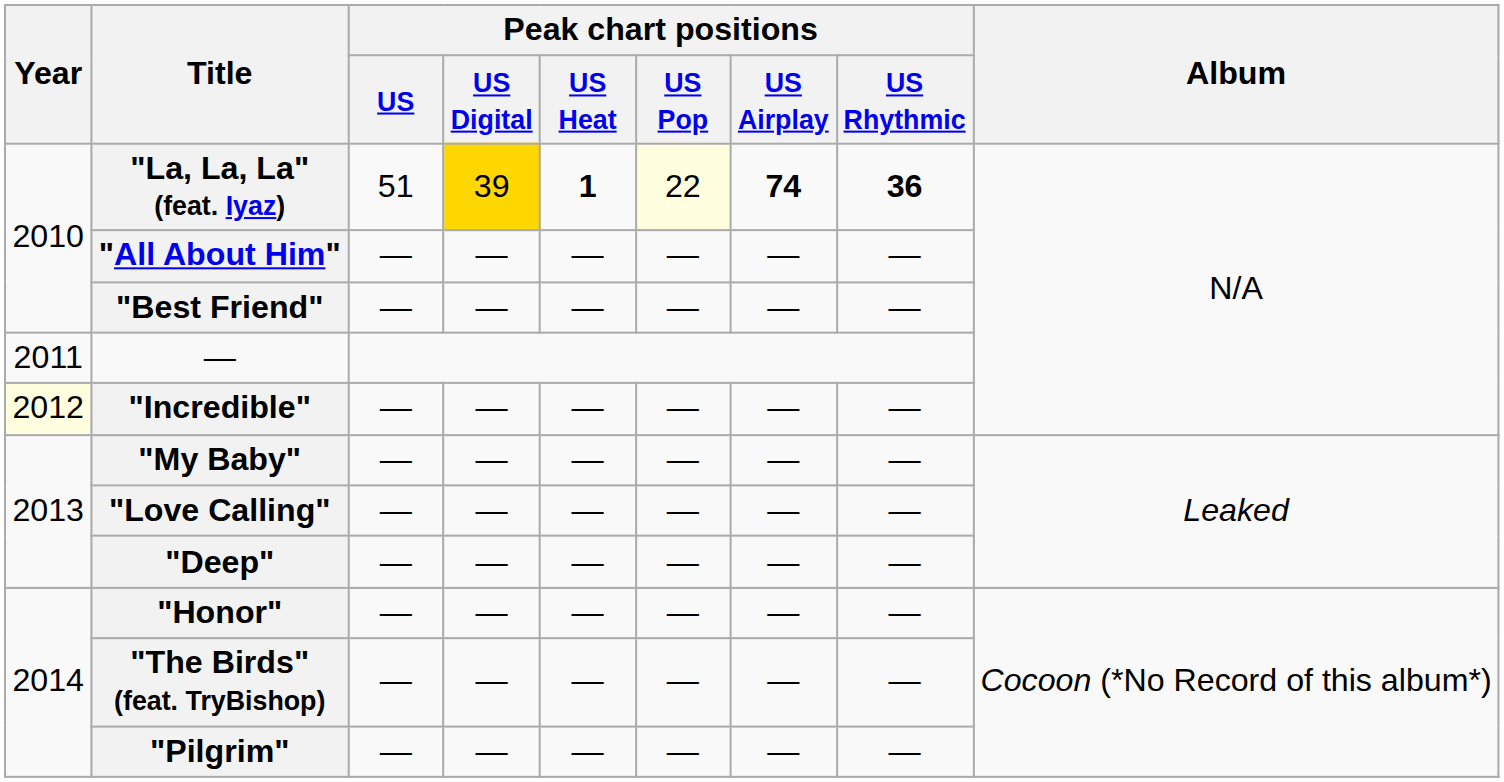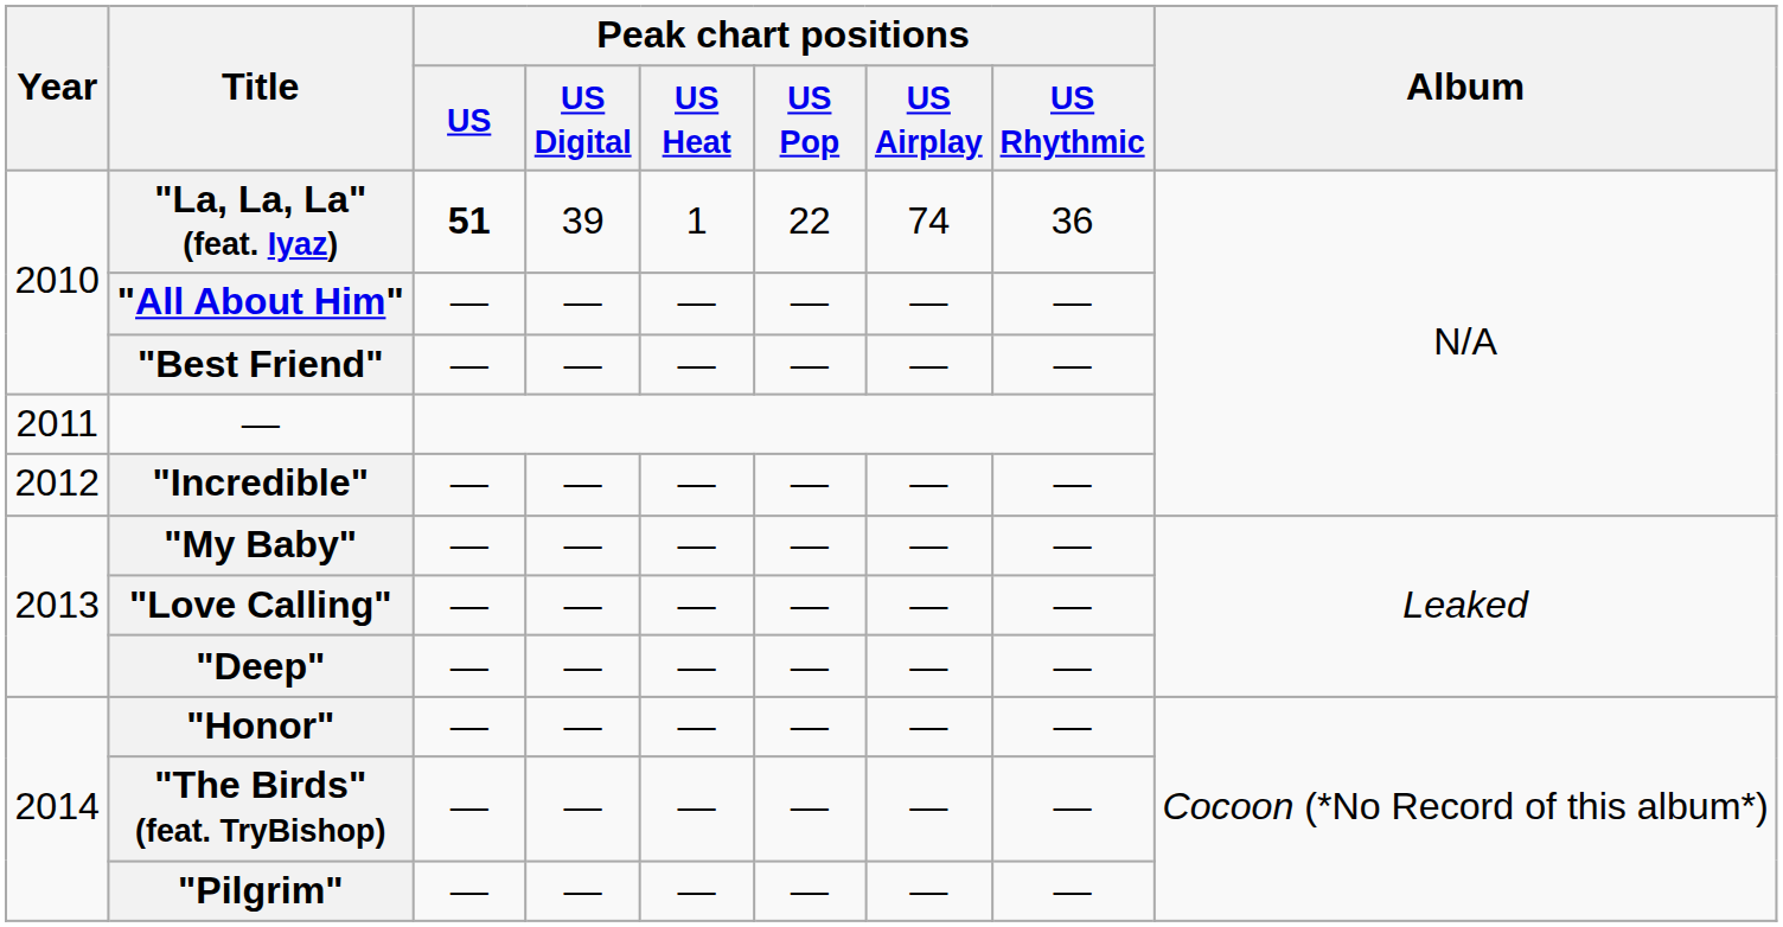 <table class="wikitable plainrowheaders" style="text-align:center;">
 <tr>
 <th scope="col" rowspan="2">Year</th>
 <th scope="col" rowspan="2">Title</th>
 <th scope="col" colspan="6">Peak chart positions</th>
 <th scope="col" rowspan="2">Album</th>
 </tr>
 <tr>
 <th width="40"><small><a href='#'>US</a></small></th>
 <th width="40"><small><a href='#'>US<br>Digital</a></small></th>
 <th width="40"><small><a href='#'>US<br>Heat</a></small></th>
 <th width="40"><small><a href='#'>US<br>Pop</a></small></th>
 <th width="40"><small><a href='#'>US<br>Airplay</a></small></th>
 <th width="40"><small><a href='#'>US<br>Rhythmic</a></small></th>
 </tr>
 <tr>
 <td rowspan="3">2010</td>
 <th scope="row">"La, La, La" <br><small>(feat. <a href='#'>Iyaz</a>)</small></th>
-<td>51</td>
-<td style="background: gold;">39</td>
-<td><strong>1</strong></td>
-<td style="background: lightyellow;">22</td>
-<td><strong>74</strong></td>
-<td><strong>36</strong></td>
+<td><strong>51</strong></td>
+<td>39</td>
+<td>1</td>
+<td>22</td>
+<td>74</td>
+<td>36</td>
 <td rowspan="5">N/A</td>
 </tr>
 <tr>
 <th scope="row">"<a href='#'>All About Him</a>"</th>
 <td>—</td>
 <td>—</td>
 <td>—</td>
 <td>—</td>
 <td>—</td>
 <td>—</td>
 </tr>
 <tr>
 <th scope="row">"Best Friend"</th>
 <td>—</td>
 <td>—</td>
 <td>—</td>
 <td>—</td>
 <td>—</td>
 <td>—</td>
 </tr>
 <tr>
 <td>2011</td>
 <td>—</td>
 </tr>
 <tr>
-<td style="background: lightyellow;">2012</td>
+<td>2012</td>
 <th scope="row">"Incredible"</th>
 <td>—</td>
 <td>—</td>
 <td>—</td>
 <td>—</td>
 <td>—</td>
 <td>—</td>
 </tr>
 <tr>
 <td rowspan="3">2013</td>
 <th scope="row">"My Baby"</th>
 <td>—</td>
 <td>—</td>
 <td>—</td>
 <td>—</td>
 <td>—</td>
 <td>—</td>
 <td rowspan="3"><em>Leaked</em></td>
 </tr>
 <tr>
 <th scope="row">"Love Calling"</th>
 <td>—</td>
 <td>—</td>
 <td>—</td>
 <td>—</td>
 <td>—</td>
 <td>—</td>
 </tr>
 <tr>
 <th scope="row">"Deep"</th>
 <td>—</td>
 <td>—</td>
 <td>—</td>
 <td>—</td>
 <td>—</td>
 <td>—</td>
 </tr>
 <tr>
 <td rowspan="3">2014</td>
 <th scope="row">"Honor"</th>
 <td>—</td>
 <td>—</td>
 <td>—</td>
 <td>—</td>
 <td>—</td>
 <td>—</td>
 <td rowspan="3"><em>Cocoon</em> (*No Record of this album*)</td>
 </tr>
 <tr>
 <th scope="row">"The Birds" <br><small>(feat. TryBishop)</small></th>
 <td>—</td>
 <td>—</td>
 <td>—</td>
 <td>—</td>
 <td>—</td>
 <td>—</td>
 </tr>
 <tr>
 <th scope="row">"Pilgrim"</th>
 <td>—</td>
 <td>—</td>
 <td>—</td>
 <td>—</td>
 <td>—</td>
 <td>—</td>
 </tr>
 </table>
